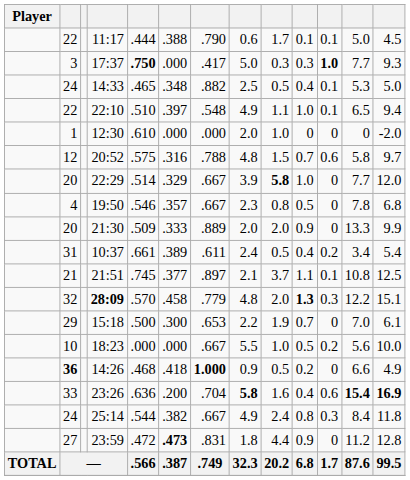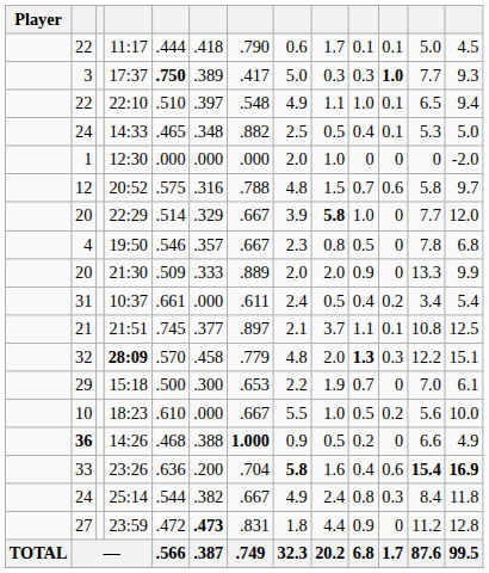 <table class="wikitable sortable" style="font-size:95%; text-align:right;">
 <tr>
 <th>Player</th>
 <th></th>
 <th></th>
 <th></th>
 <th></th>
 <th></th>
 <th></th>
 <th></th>
 <th></th>
 <th></th>
 <th></th>
 <th></th>
 <th></th>
 </tr>
 <tr>
 <td></td>
 <td>22</td>
 <td></td>
 <td>11:17</td>
 <td>.444</td>
-<td>.388</td>
+<td>.418</td>
 <td>.790</td>
 <td>0.6</td>
 <td>1.7</td>
 <td>0.1</td>
 <td>0.1</td>
 <td>5.0</td>
 <td>4.5</td>
 </tr>
 <tr>
 <td></td>
 <td>3</td>
 <td></td>
 <td>17:37</td>
 <td><strong>.750</strong></td>
-<td>.000</td>
+<td>.389</td>
 <td>.417</td>
 <td>5.0</td>
 <td>0.3</td>
 <td>0.3</td>
 <td><strong>1.0</strong></td>
 <td>7.7</td>
 <td>9.3</td>
+</tr>
+<tr>
+<td></td>
+<td>22</td>
+<td></td>
+<td>22:10</td>
+<td>.510</td>
+<td>.397</td>
+<td>.548</td>
+<td>4.9</td>
+<td>1.1</td>
+<td>1.0</td>
+<td>0.1</td>
+<td>6.5</td>
+<td>9.4</td>
 </tr>
 <tr>
 <td></td>
 <td>24</td>
 <td></td>
 <td>14:33</td>
 <td>.465</td>
 <td>.348</td>
 <td>.882</td>
 <td>2.5</td>
 <td>0.5</td>
 <td>0.4</td>
 <td>0.1</td>
 <td>5.3</td>
 <td>5.0</td>
 </tr>
 <tr>
 <td></td>
-<td>22</td>
-<td></td>
-<td>22:10</td>
-<td>.510</td>
-<td>.397</td>
-<td>.548</td>
-<td>4.9</td>
-<td>1.1</td>
-<td>1.0</td>
-<td>0.1</td>
-<td>6.5</td>
-<td>9.4</td>
-</tr>
-<tr>
-<td></td>
 <td>1</td>
 <td></td>
 <td>12:30</td>
-<td>.610</td>
+<td>.000</td>
 <td>.000</td>
 <td>.000</td>
 <td>2.0</td>
 <td>1.0</td>
 <td>0</td>
 <td>0</td>
 <td>0</td>
 <td>-2.0</td>
 </tr>
 <tr>
 <td></td>
 <td>12</td>
 <td></td>
 <td>20:52</td>
 <td>.575</td>
 <td>.316</td>
 <td>.788</td>
 <td>4.8</td>
 <td>1.5</td>
 <td>0.7</td>
 <td>0.6</td>
 <td>5.8</td>
 <td>9.7</td>
 </tr>
 <tr>
 <td></td>
 <td>20</td>
 <td></td>
 <td>22:29</td>
 <td>.514</td>
 <td>.329</td>
 <td>.667</td>
 <td>3.9</td>
 <td><strong>5.8</strong></td>
 <td>1.0</td>
 <td>0</td>
 <td>7.7</td>
 <td>12.0</td>
 </tr>
 <tr>
 <td></td>
 <td>4</td>
 <td></td>
 <td>19:50</td>
 <td>.546</td>
 <td>.357</td>
 <td>.667</td>
 <td>2.3</td>
 <td>0.8</td>
 <td>0.5</td>
 <td>0</td>
 <td>7.8</td>
 <td>6.8</td>
 </tr>
 <tr>
 <td></td>
 <td>20</td>
 <td></td>
 <td>21:30</td>
 <td>.509</td>
 <td>.333</td>
 <td>.889</td>
 <td>2.0</td>
 <td>2.0</td>
 <td>0.9</td>
 <td>0</td>
 <td>13.3</td>
 <td>9.9</td>
 </tr>
 <tr>
 <td></td>
 <td>31</td>
 <td></td>
 <td>10:37</td>
 <td>.661</td>
-<td>.389</td>
+<td>.000</td>
 <td>.611</td>
 <td>2.4</td>
 <td>0.5</td>
 <td>0.4</td>
 <td>0.2</td>
 <td>3.4</td>
 <td>5.4</td>
 </tr>
 <tr>
 <td></td>
 <td>21</td>
 <td></td>
 <td>21:51</td>
 <td>.745</td>
 <td>.377</td>
 <td>.897</td>
 <td>2.1</td>
 <td>3.7</td>
 <td>1.1</td>
 <td>0.1</td>
 <td>10.8</td>
 <td>12.5</td>
 </tr>
 <tr>
 <td></td>
 <td>32</td>
 <td></td>
 <td><strong>28:09</strong></td>
 <td>.570</td>
 <td>.458</td>
 <td>.779</td>
 <td>4.8</td>
 <td>2.0</td>
 <td><strong>1.3</strong></td>
 <td>0.3</td>
 <td>12.2</td>
 <td>15.1</td>
 </tr>
 <tr>
 <td></td>
 <td>29</td>
 <td></td>
 <td>15:18</td>
 <td>.500</td>
 <td>.300</td>
 <td>.653</td>
 <td>2.2</td>
 <td>1.9</td>
 <td>0.7</td>
 <td>0</td>
 <td>7.0</td>
 <td>6.1</td>
 </tr>
 <tr>
 <td></td>
 <td>10</td>
 <td></td>
 <td>18:23</td>
-<td>.000</td>
+<td>.610</td>
 <td>.000</td>
 <td>.667</td>
 <td>5.5</td>
 <td>1.0</td>
 <td>0.5</td>
 <td>0.2</td>
 <td>5.6</td>
 <td>10.0</td>
 </tr>
 <tr>
 <td></td>
 <td><strong>36</strong></td>
 <td></td>
 <td>14:26</td>
 <td>.468</td>
-<td>.418</td>
+<td>.388</td>
 <td><strong>1.000</strong></td>
 <td>0.9</td>
 <td>0.5</td>
 <td>0.2</td>
 <td>0</td>
 <td>6.6</td>
 <td>4.9</td>
 </tr>
 <tr>
 <td></td>
 <td>33</td>
 <td></td>
 <td>23:26</td>
 <td>.636</td>
 <td>.200</td>
 <td>.704</td>
 <td><strong>5.8</strong></td>
 <td>1.6</td>
 <td>0.4</td>
 <td>0.6</td>
 <td><strong>15.4</strong></td>
 <td><strong>16.9</strong></td>
 </tr>
 <tr>
 <td></td>
 <td>24</td>
 <td></td>
 <td>25:14</td>
 <td>.544</td>
 <td>.382</td>
 <td>.667</td>
 <td>4.9</td>
 <td>2.4</td>
 <td>0.8</td>
 <td>0.3</td>
 <td>8.4</td>
 <td>11.8</td>
 </tr>
 <tr>
 <td></td>
 <td>27</td>
 <td></td>
 <td>23:59</td>
 <td>.472</td>
 <td><strong>.473</strong></td>
 <td>.831</td>
 <td>1.8</td>
 <td>4.4</td>
 <td>0.9</td>
 <td>0</td>
 <td>11.2</td>
 <td>12.8</td>
 </tr>
 <tr>
 <th align=center><strong>TOTAL</strong></th>
 <th colspan=3>—</th>
 <th>.566</th>
 <th>.387</th>
 <th>.749</th>
 <th>32.3</th>
 <th>20.2</th>
 <th>6.8</th>
 <th>1.7</th>
 <th>87.6</th>
 <th>99.5</th>
 </tr>
 <tr>
 </tr>
 </table>
